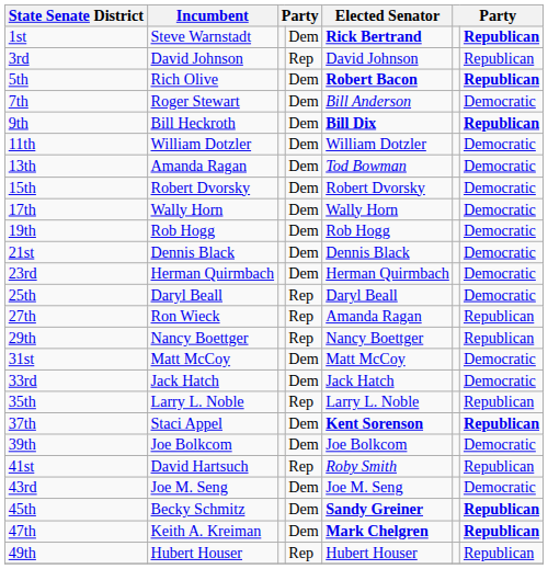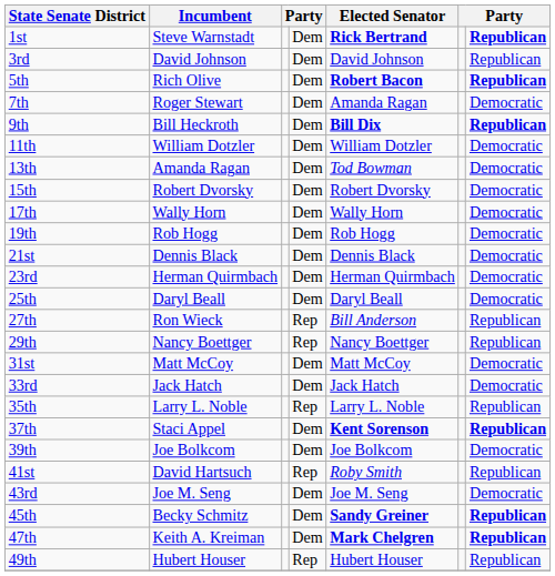 <table class="sortable wikitable" style="font-size:95%;line-height:14px;">
 <tr>
 <th class="unsortable"><a href='#'>State Senate</a> District</th>
 <th class="unsortable"><a href='#'>Incumbent</a></th>
 <th colspan="2">Party</th>
 <th class="unsortable">Elected Senator</th>
 <th colspan="2">Party</th>
 </tr>
 <tr>
 <td><a href='#'>1st</a></td>
 <td><a href='#'>Steve Warnstadt</a></td>
 <td style="background:"></td>
 <td>Dem</td>
 <td><strong><a href='#'>Rick Bertrand</a></strong></td>
 <td style="background:"></td>
 <td><strong><a href='#'>Republican</a></strong></td>
 </tr>
 <tr>
 <td><a href='#'>3rd</a></td>
 <td><a href='#'>David Johnson</a></td>
 <td style="background:"></td>
-<td>Rep</td>
+<td>Dem</td>
 <td><a href='#'>David Johnson</a></td>
 <td style="background:"></td>
 <td><a href='#'>Republican</a></td>
 </tr>
 <tr>
 <td><a href='#'>5th</a></td>
 <td><a href='#'>Rich Olive</a></td>
 <td style="background:"></td>
 <td>Dem</td>
 <td><strong><a href='#'>Robert Bacon</a></strong></td>
 <td style="background:"></td>
 <td><strong><a href='#'>Republican</a></strong></td>
 </tr>
 <tr>
 <td><a href='#'>7th</a></td>
 <td><a href='#'>Roger Stewart</a></td>
 <td style="background:"></td>
 <td>Dem</td>
-<td><em><a href='#'>Bill Anderson</a></em></td>
+<td><a href='#'>Amanda Ragan</a></td>
 <td style="background:"></td>
 <td><a href='#'>Democratic</a></td>
 </tr>
 <tr>
 <td><a href='#'>9th</a></td>
 <td><a href='#'>Bill Heckroth</a></td>
 <td style="background:"></td>
 <td>Dem</td>
 <td><strong><a href='#'>Bill Dix</a></strong></td>
 <td style="background:"></td>
 <td><strong><a href='#'>Republican</a></strong></td>
 </tr>
 <tr>
 <td><a href='#'>11th</a></td>
 <td><a href='#'>William Dotzler</a></td>
 <td style="background:"></td>
 <td>Dem</td>
 <td><a href='#'>William Dotzler</a></td>
 <td style="background:"></td>
 <td><a href='#'>Democratic</a></td>
 </tr>
 <tr>
 <td><a href='#'>13th</a></td>
 <td><a href='#'>Amanda Ragan</a></td>
 <td style="background:"></td>
 <td>Dem</td>
 <td><em><a href='#'>Tod Bowman</a></em></td>
 <td style="background:"></td>
 <td><a href='#'>Democratic</a></td>
 </tr>
 <tr>
 <td><a href='#'>15th</a></td>
 <td><a href='#'>Robert Dvorsky</a></td>
 <td style="background:"></td>
 <td>Dem</td>
 <td><a href='#'>Robert Dvorsky</a></td>
 <td style="background:"></td>
 <td><a href='#'>Democratic</a></td>
 </tr>
 <tr>
 <td><a href='#'>17th</a></td>
 <td><a href='#'>Wally Horn</a></td>
 <td style="background:"></td>
 <td>Dem</td>
 <td><a href='#'>Wally Horn</a></td>
 <td style="background:"></td>
 <td><a href='#'>Democratic</a></td>
 </tr>
 <tr>
 <td><a href='#'>19th</a></td>
 <td><a href='#'>Rob Hogg</a></td>
 <td style="background:"></td>
 <td>Dem</td>
 <td><a href='#'>Rob Hogg</a></td>
 <td style="background:"></td>
 <td><a href='#'>Democratic</a></td>
 </tr>
 <tr>
 <td><a href='#'>21st</a></td>
 <td><a href='#'>Dennis Black</a></td>
 <td style="background:"></td>
 <td>Dem</td>
 <td><a href='#'>Dennis Black</a></td>
 <td style="background:"></td>
 <td><a href='#'>Democratic</a></td>
 </tr>
 <tr>
 <td><a href='#'>23rd</a></td>
 <td><a href='#'>Herman Quirmbach</a></td>
 <td style="background:"></td>
 <td>Dem</td>
 <td><a href='#'>Herman Quirmbach</a></td>
 <td style="background:"></td>
 <td><a href='#'>Democratic</a></td>
 </tr>
 <tr>
 <td><a href='#'>25th</a></td>
 <td><a href='#'>Daryl Beall</a></td>
 <td style="background:"></td>
-<td>Rep</td>
+<td>Dem</td>
 <td><a href='#'>Daryl Beall</a></td>
 <td style="background:"></td>
 <td><a href='#'>Democratic</a></td>
 </tr>
 <tr>
 <td><a href='#'>27th</a></td>
 <td><a href='#'>Ron Wieck</a></td>
 <td style="background:"></td>
 <td>Rep</td>
-<td><a href='#'>Amanda Ragan</a></td>
+<td><em><a href='#'>Bill Anderson</a></em></td>
 <td style="background:"></td>
 <td><a href='#'>Republican</a></td>
 </tr>
 <tr>
 <td><a href='#'>29th</a></td>
 <td><a href='#'>Nancy Boettger</a></td>
 <td style="background:"></td>
 <td>Rep</td>
 <td><a href='#'>Nancy Boettger</a></td>
 <td style="background:"></td>
 <td><a href='#'>Republican</a></td>
 </tr>
 <tr>
 <td><a href='#'>31st</a></td>
 <td><a href='#'>Matt McCoy</a></td>
 <td style="background:"></td>
 <td>Dem</td>
 <td><a href='#'>Matt McCoy</a></td>
 <td style="background:"></td>
 <td><a href='#'>Democratic</a></td>
 </tr>
 <tr>
 <td><a href='#'>33rd</a></td>
 <td><a href='#'>Jack Hatch</a></td>
 <td style="background:"></td>
 <td>Dem</td>
 <td><a href='#'>Jack Hatch</a></td>
 <td style="background:"></td>
 <td><a href='#'>Democratic</a></td>
 </tr>
 <tr>
 <td><a href='#'>35th</a></td>
 <td><a href='#'>Larry L. Noble</a></td>
 <td style="background:"></td>
 <td>Rep</td>
 <td><a href='#'>Larry L. Noble</a></td>
 <td style="background:"></td>
 <td><a href='#'>Republican</a></td>
 </tr>
 <tr>
 <td><a href='#'>37th</a></td>
 <td><a href='#'>Staci Appel</a></td>
 <td style="background:"></td>
 <td>Dem</td>
 <td><strong><a href='#'>Kent Sorenson</a></strong></td>
 <td style="background:"></td>
 <td><strong><a href='#'>Republican</a></strong></td>
 </tr>
 <tr>
 <td><a href='#'>39th</a></td>
 <td><a href='#'>Joe Bolkcom</a></td>
 <td style="background:"></td>
 <td>Dem</td>
 <td><a href='#'>Joe Bolkcom</a></td>
 <td style="background:"></td>
 <td><a href='#'>Democratic</a></td>
 </tr>
 <tr>
 <td><a href='#'>41st</a></td>
 <td><a href='#'>David Hartsuch</a></td>
 <td style="background:"></td>
 <td>Rep</td>
 <td><em><a href='#'>Roby Smith</a></em></td>
 <td style="background:"></td>
 <td><a href='#'>Republican</a></td>
 </tr>
 <tr>
 <td><a href='#'>43rd</a></td>
 <td><a href='#'>Joe M. Seng</a></td>
 <td style="background:"></td>
 <td>Dem</td>
 <td><a href='#'>Joe M. Seng</a></td>
 <td style="background:"></td>
 <td><a href='#'>Democratic</a></td>
 </tr>
 <tr>
 <td><a href='#'>45th</a></td>
 <td><a href='#'>Becky Schmitz</a></td>
 <td style="background:"></td>
 <td>Dem</td>
 <td><strong><a href='#'>Sandy Greiner</a></strong></td>
 <td style="background:"></td>
 <td><strong><a href='#'>Republican</a></strong></td>
 </tr>
 <tr>
 <td><a href='#'>47th</a></td>
 <td><a href='#'>Keith A. Kreiman</a></td>
 <td style="background:"></td>
 <td>Dem</td>
 <td><strong><a href='#'>Mark Chelgren</a></strong></td>
 <td style="background:"></td>
 <td><strong><a href='#'>Republican</a></strong></td>
 </tr>
 <tr>
 <td><a href='#'>49th</a></td>
 <td><a href='#'>Hubert Houser</a></td>
 <td style="background:"></td>
 <td>Rep</td>
 <td><a href='#'>Hubert Houser</a></td>
 <td style="background:"></td>
 <td><a href='#'>Republican</a></td>
 </tr>
 <tr>
 </tr>
 </table>
